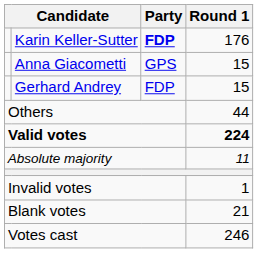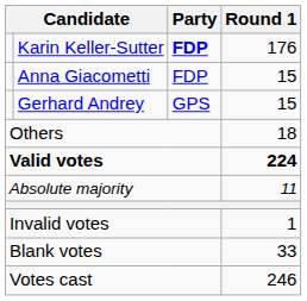 <table class="wikitable" style="text-align:right;">
 <tr>
 <th colspan="2">Candidate</th>
 <th>Party</th>
 <th>Round 1</th>
 </tr>
 <tr>
 <td style="background-color:"></td>
 <td style="text-align:left;"><a href='#'>Karin Keller-Sutter</a></td>
 <td style="text-align:left;"><strong><a href='#'>FDP</a></strong></td>
 <td>176</td>
 </tr>
 <tr>
 <td style="background-color:"></td>
 <td style="text-align:left;"><a href='#'>Anna Giacometti</a></td>
-<td style="text-align:left;"><a href='#'>GPS</a></td>
+<td style="text-align:left;"><a href='#'>FDP</a></td>
 <td>15</td>
 </tr>
 <tr>
 <td style="background-color:"></td>
 <td style="text-align:left;"><a href='#'>Gerhard Andrey</a></td>
-<td style="text-align:left;"><a href='#'>FDP</a></td>
+<td style="text-align:left;"><a href='#'>GPS</a></td>
 <td>15</td>
 </tr>
 <tr>
 <td colspan="3" style="text-align:left;">Others</td>
-<td>44</td>
+<td>18</td>
 </tr>
 <tr style="font-weight:bold;">
 <td colspan="3" style="text-align:left;">Valid votes</td>
 <td>224</td>
 </tr>
 <tr style="font-style:italic; font-size:90%;">
 <td colspan="3" style="text-align:left;">Absolute majority</td>
 <td>11</td>
 </tr>
 <tr>
 <th colspan="10"></th>
 </tr>
 <tr>
 <td colspan="3" style="text-align:left;">Invalid votes</td>
 <td>1</td>
 </tr>
 <tr>
 <td colspan="3" style="text-align:left;">Blank votes</td>
-<td>21</td>
+<td>33</td>
 </tr>
 <tr>
 <td colspan="3" style="text-align:left;">Votes cast</td>
 <td>246</td>
 </tr>
 </table>
